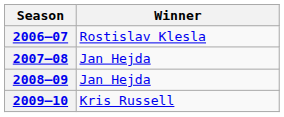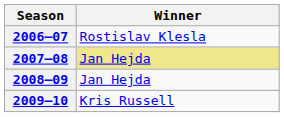 <table class="wikitable">
 <tr>
 <th scope="col" style="width:5em">Season</th>
 <th scope="col" style="width:15em">Winner</th>
 </tr>
 <tr>
 <th scope="row"><a href='#'>2006–07</a></th>
 <td><a href='#'>Rostislav Klesla</a></td>
 </tr>
 <tr>
 <th scope="row"><a href='#'>2007–08</a></th>
-<td><a href='#'>Jan Hejda</a></td>
+<td style="background: khaki;"><a href='#'>Jan Hejda</a></td>
 </tr>
 <tr>
 <th scope="row"><a href='#'>2008–09</a></th>
 <td><a href='#'>Jan Hejda</a></td>
 </tr>
 <tr>
 <th scope="row"><a href='#'>2009–10</a></th>
 <td><a href='#'>Kris Russell</a></td>
 </tr>
 </table>
